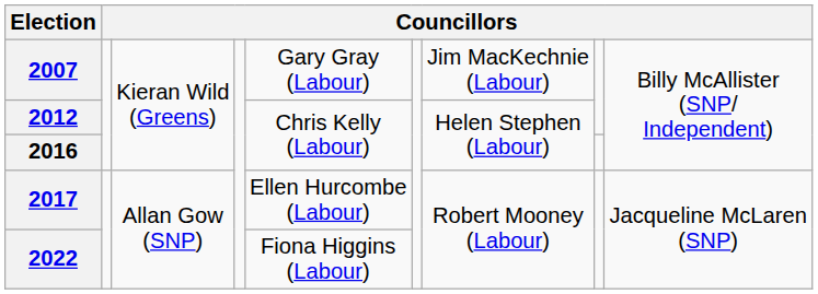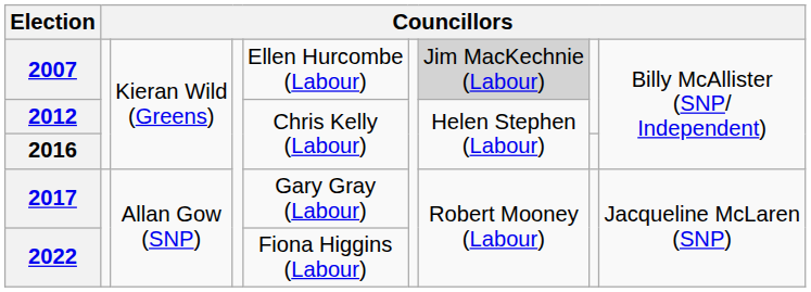 <table class="wikitable" style="text-align:center">
 <tr>
 <th>Election</th>
 <th colspan=8>Councillors</th>
 </tr>
 <tr>
 <th><a href='#'>2007</a></th>
 <td rowspan=3; style="background-color: "></td>
 <td rowspan=3>Kieran Wild<br>(<a href='#'>Greens</a>)</td>
 <td rowspan=5; style="background-color: "></td>
-<td rowspan=1>Gary Gray<br>(<a href='#'>Labour</a>)</td>
+<td rowspan=1>Ellen Hurcombe<br>(<a href='#'>Labour</a>)</td>
 <td rowspan=5; style="background-color: "></td>
-<td rowspan=1>Jim MacKechnie<br>(<a href='#'>Labour</a>)</td>
+<td rowspan=1 style="background: lightgrey;">Jim MacKechnie<br>(<a href='#'>Labour</a>)</td>
 <td rowspan=2; style="background-color: "></td>
 <td rowspan=3>Billy McAllister<br>(<a href='#'>SNP</a>/<br><a href='#'>Independent</a>)</td>
 </tr>
 <tr>
 <th><a href='#'>2012</a></th>
 <td rowspan=2>Chris Kelly<br>(<a href='#'>Labour</a>)</td>
 <td rowspan=2>Helen Stephen<br>(<a href='#'>Labour</a>)</td>
 </tr>
 <tr>
 <th>2016</th>
 <td rowspan=1; style="background-color: "></td>
 </tr>
 <tr>
 <th><a href='#'>2017</a></th>
 <td rowspan=2; style="background-color: "></td>
 <td rowspan=2>Allan Gow<br>(<a href='#'>SNP</a>)</td>
-<td rowspan=1>Ellen Hurcombe<br>(<a href='#'>Labour</a>)</td>
+<td rowspan=1>Gary Gray<br>(<a href='#'>Labour</a>)</td>
 <td rowspan=2>Robert Mooney<br>(<a href='#'>Labour</a>)</td>
 <td rowspan=2; style="background-color: "></td>
 <td rowspan=2>Jacqueline McLaren<br>(<a href='#'>SNP</a>)</td>
 </tr>
 <tr>
 <th><a href='#'>2022</a></th>
 <td rowspan=1>Fiona Higgins<br>(<a href='#'>Labour</a>)</td>
 </tr>
 </table>
